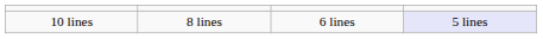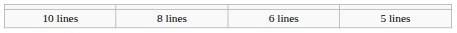 <table class="wikitable" align="center">
 <tr>
 <td style="width:150px" valign="center" align="center"></td>
 <td style="width:150px" valign="center" align="center"></td>
 <td style="width:150px" valign="center" align="center"></td>
 <td style="width:150px" valign="center" align="center"></td>
 </tr>
 <tr>
 <td align="center">10 lines</td>
 <td align="center">8 lines</td>
 <td align="center">6 lines</td>
-<td align="center" style="background: lavender;">5 lines</td>
+<td align="center">5 lines</td>
 </tr>
 </table>
